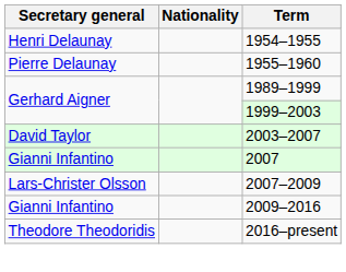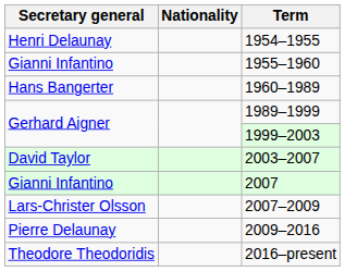 <table class="wikitable">
 <tr>
 <th>Secretary general</th>
 <th>Nationality</th>
 <th>Term</th>
 </tr>
 <tr>
 <td><a href='#'>Henri Delaunay</a></td>
 <td></td>
 <td>1954–1955</td>
 </tr>
 <tr>
-<td><a href='#'>Pierre Delaunay</a></td>
+<td><a href='#'>Gianni Infantino</a></td>
 <td></td>
 <td>1955–1960</td>
+</tr>
+<tr>
+<td><a href='#'>Hans Bangerter</a></td>
+<td></td>
+<td>1960–1989</td>
 </tr>
 <tr>
 <td rowspan="2"><a href='#'>Gerhard Aigner</a></td>
 <td rowspan="2"></td>
 <td>1989–1999</td>
 </tr>
 <tr style="background:#e0ffe0">
 <td>1999–2003</td>
 </tr>
 <tr style="background:#e0ffe0">
 <td><a href='#'>David Taylor</a></td>
 <td></td>
 <td>2003–2007</td>
 </tr>
 <tr style="background:#e0ffe0">
 <td><a href='#'>Gianni Infantino</a></td>
 <td><br></td>
 <td>2007</td>
 </tr>
 <tr>
 <td><a href='#'>Lars-Christer Olsson</a></td>
 <td></td>
 <td>2007–2009</td>
 </tr>
 <tr>
-<td><a href='#'>Gianni Infantino</a></td>
+<td><a href='#'>Pierre Delaunay</a></td>
 <td><br></td>
 <td>2009–2016</td>
 </tr>
 <tr>
 <td><a href='#'>Theodore Theodoridis</a></td>
 <td></td>
 <td>2016–present</td>
 </tr>
 </table>
